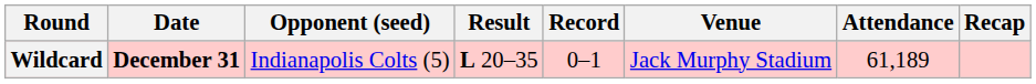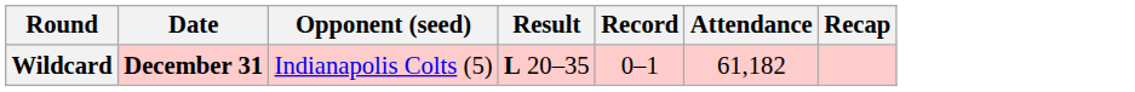 <table class="wikitable" style="text-align:center">
 <tr>
 <th>Round</th>
 <th>Date</th>
 <th>Opponent (seed)</th>
 <th>Result</th>
 <th>Record</th>
-<th>Venue</th>
 <th>Attendance</th>
 <th>Recap</th>
 </tr>
 <tr style="background:#fcc">
 <th>Wildcard</th>
 <td><strong>December 31</strong></td>
 <td><a href='#'>Indianapolis Colts</a> (5)</td>
 <td><strong>L</strong> 20–35</td>
 <td>0–1</td>
-<td><a href='#'>Jack Murphy Stadium</a></td>
-<td>61,189</td>
+<td>61,182</td>
 <td></td>
 </tr>
 </table>
